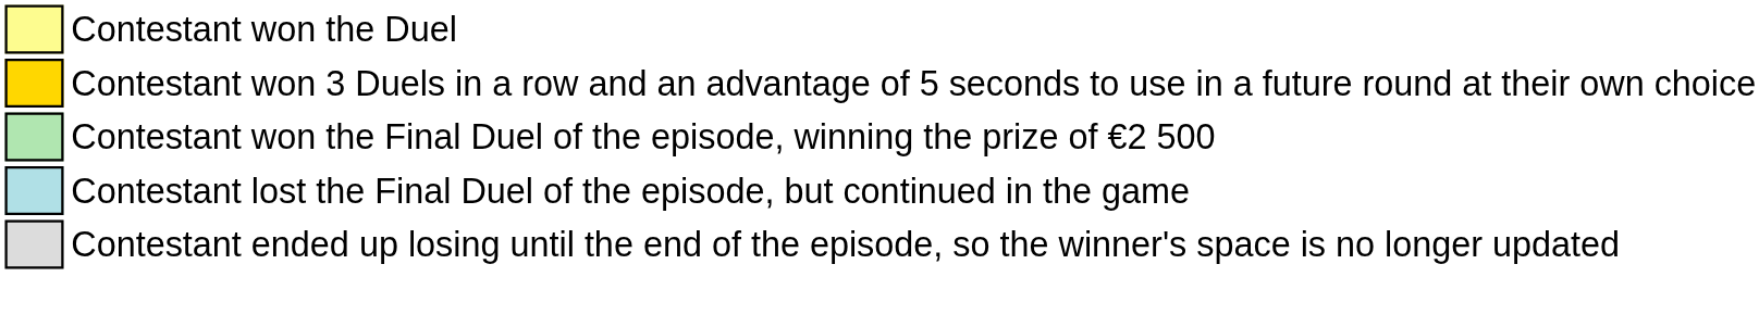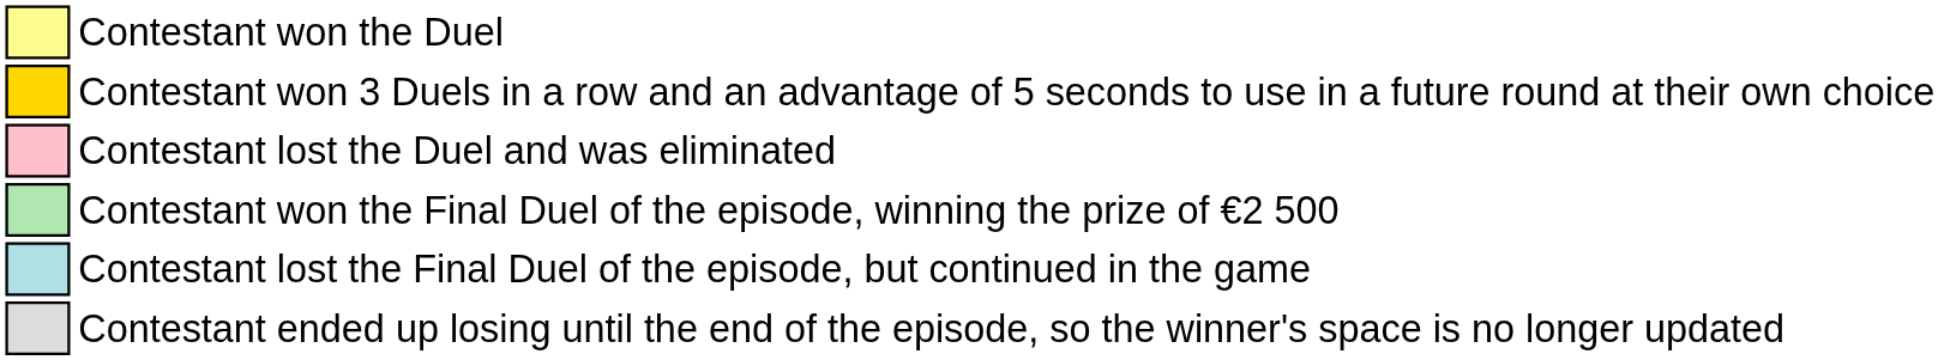 <table class="toccolours" style="font-size: 90%; white-space: nowrap”">
 <tr>
 <td style="background:#fdfc8f; border:1px solid black">     </td>
 <td>Contestant won the Duel</td>
 </tr>
 <tr>
 <td style="background:#FFD700; border:1px solid black">     </td>
 <td>Contestant won 3 Duels in a row and an advantage of 5 seconds to use in a future round at their own choice</td>
+</tr>
+<tr>
+<td style="background:pink; border:1px solid black">     </td>
+<td>Contestant lost the Duel and was eliminated</td>
 </tr>
 <tr>
 <td style="background:#b0e6b0; border:1px solid black">     </td>
 <td>Contestant won the Final Duel of the episode, winning the prize of €2 500</td>
 </tr>
 <tr>
 <td style="background:#b0e0e6; border:1px solid black">     </td>
 <td>Contestant lost the Final Duel of the episode, but continued in the game</td>
 </tr>
 <tr>
 <td style="background:#DCDCDC; border:1px solid black">     </td>
 <td>Contestant ended up losing until the end of the episode, so the winner's space is no longer updated</td>
 </tr>
 </table>
